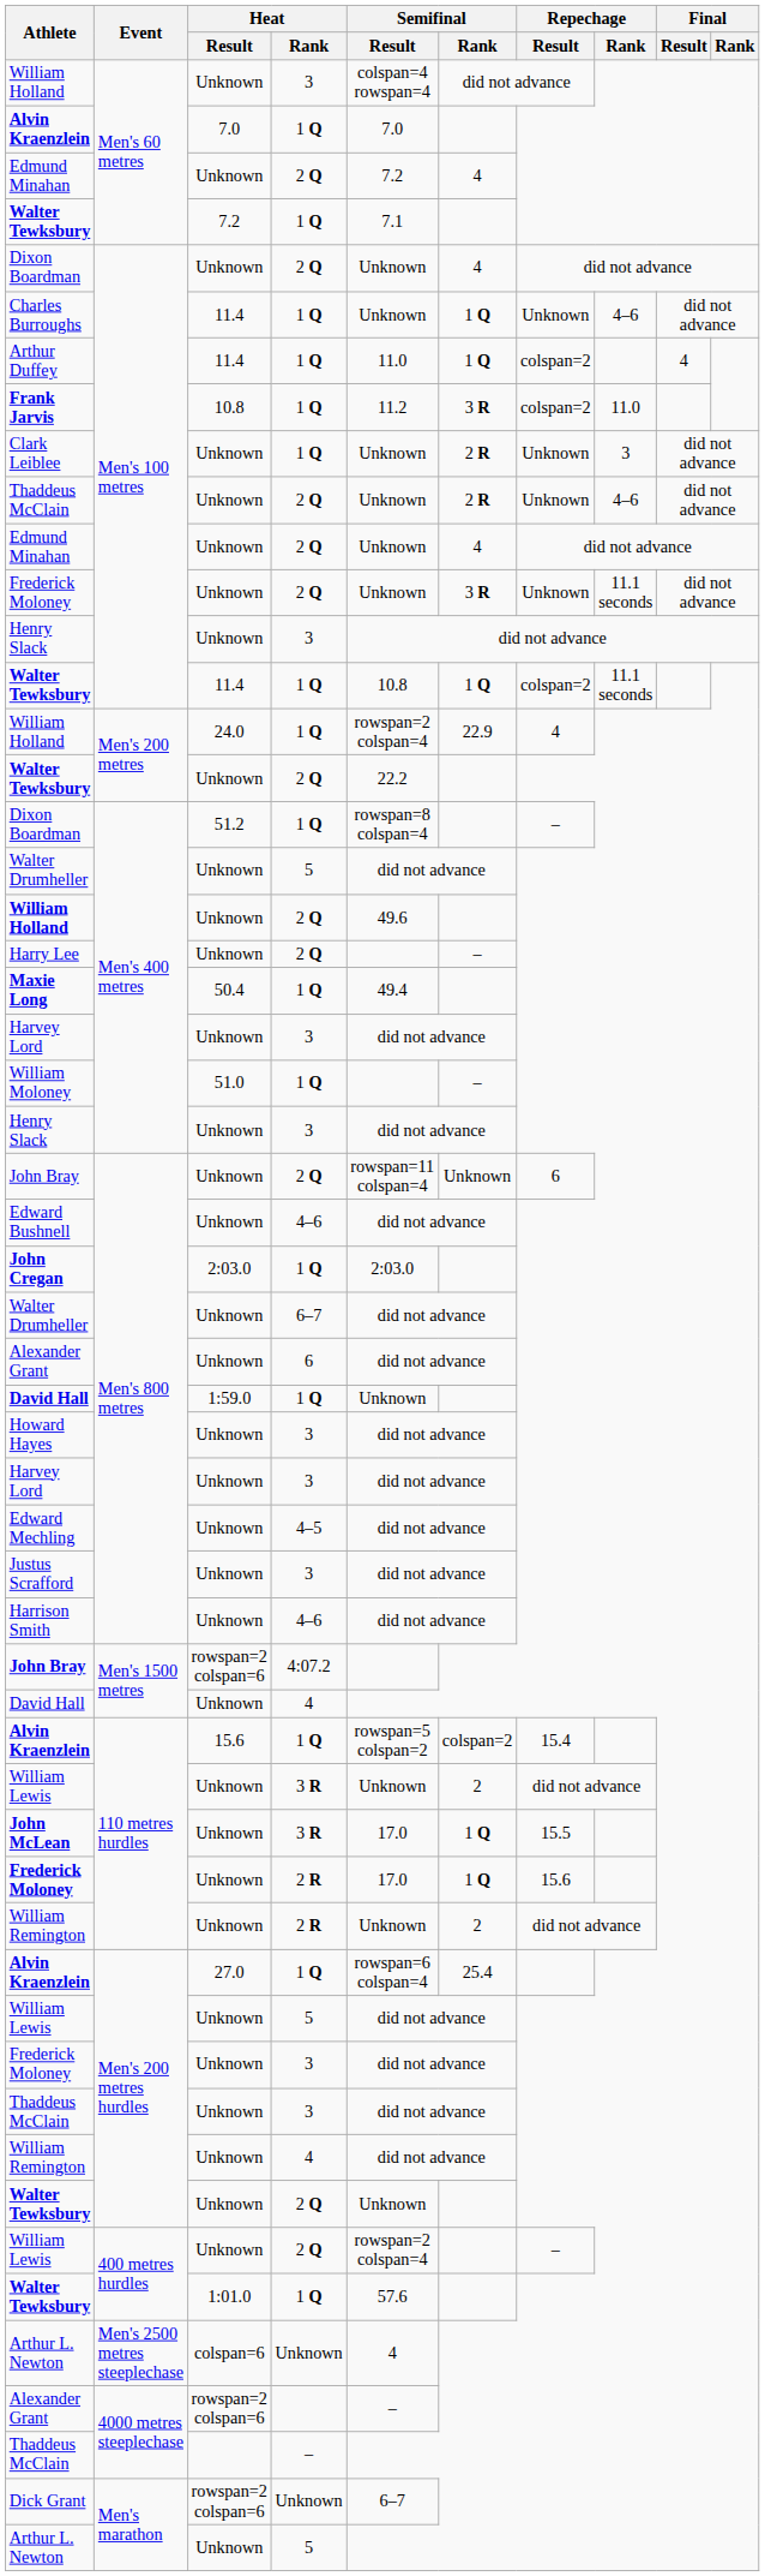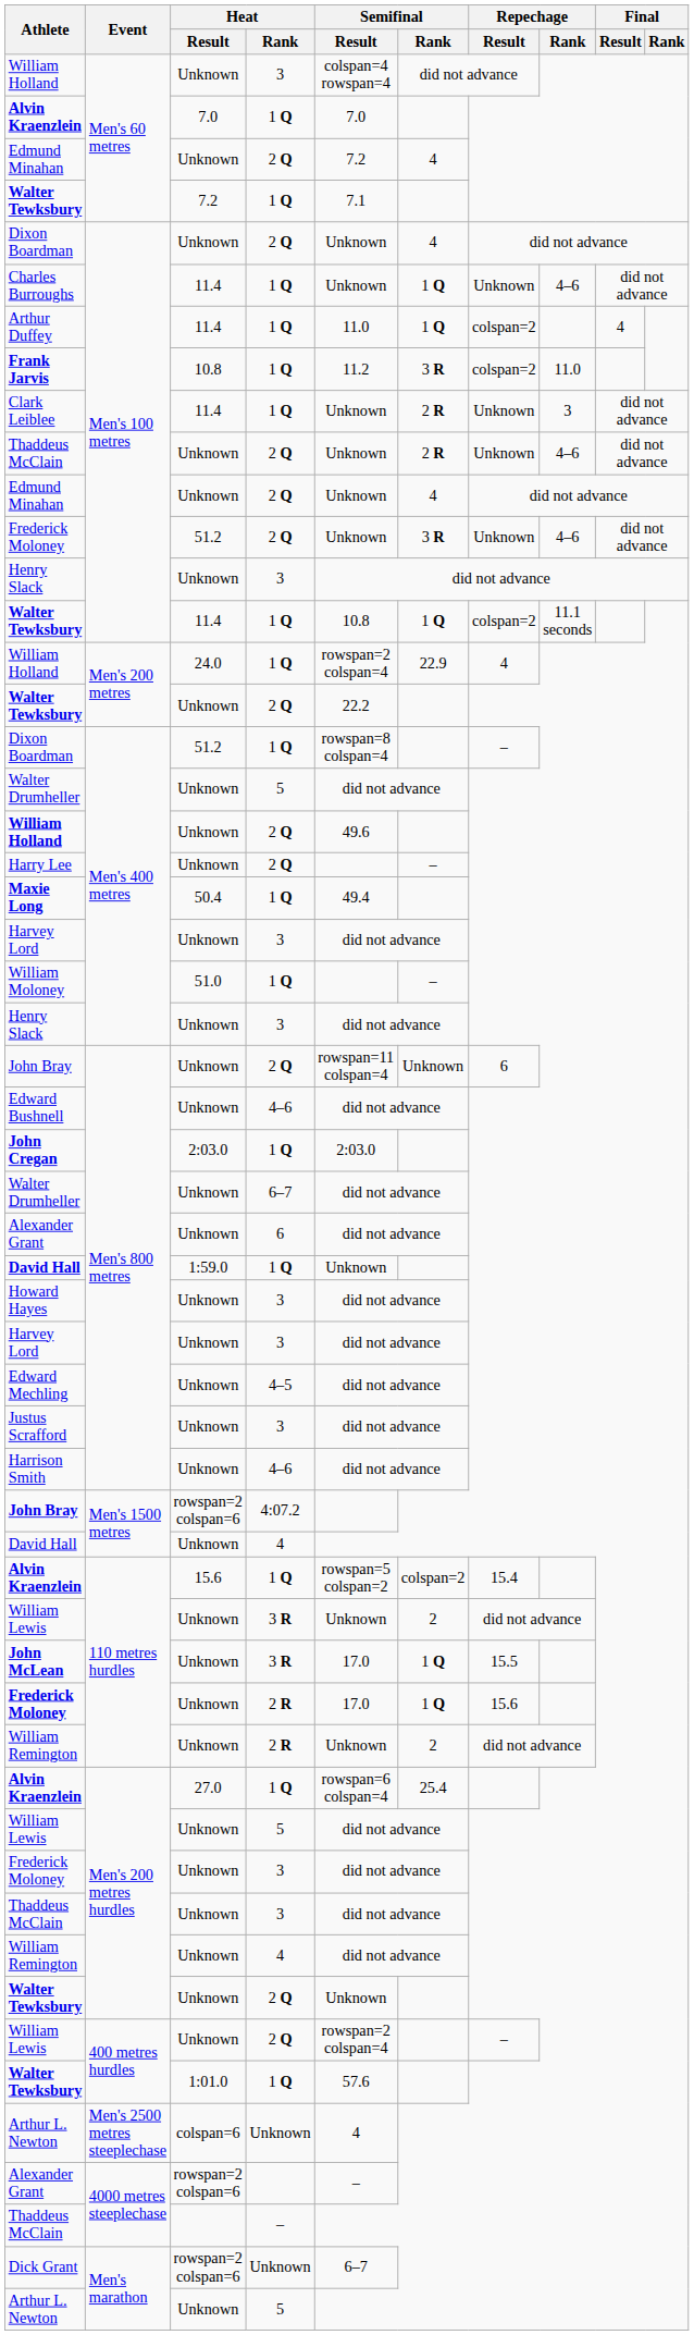 <table class="wikitable sortable">
 <tr>
 <th rowspan=2>Athlete</th>
 <th rowspan=2>Event</th>
 <th colspan=2>Heat</th>
 <th colspan=2>Semifinal</th>
 <th colspan=2>Repechage</th>
 <th colspan=2>Final</th>
 </tr>
 <tr>
 <th>Result</th>
 <th>Rank</th>
 <th>Result</th>
 <th>Rank</th>
 <th>Result</th>
 <th>Rank</th>
 <th>Result</th>
 <th>Rank</th>
 </tr>
 <tr align=center>
 <td align=left><a href='#'>William Holland</a></td>
 <td rowspan=4 align=left><a href='#'>Men's 60 metres</a></td>
 <td>Unknown</td>
 <td>3</td>
 <td>colspan=4 rowspan=4 </td>
 <td colspan=2>did not advance</td>
 </tr>
 <tr align=center>
 <td align=left><strong><a href='#'>Alvin Kraenzlein</a></strong></td>
 <td>7.0</td>
 <td>1 <strong>Q</strong></td>
 <td>7.0</td>
 <td></td>
 </tr>
 <tr align=center>
 <td align=left><a href='#'>Edmund Minahan</a></td>
 <td>Unknown</td>
 <td>2 <strong>Q</strong></td>
 <td>7.2</td>
 <td>4</td>
 </tr>
 <tr align=center>
 <td align=left><strong><a href='#'>Walter Tewksbury</a></strong></td>
 <td>7.2</td>
 <td>1 <strong>Q</strong></td>
 <td>7.1</td>
 <td></td>
 </tr>
 <tr align=center>
 <td align=left><a href='#'>Dixon Boardman</a></td>
 <td rowspan=10 align=left><a href='#'>Men's 100 metres</a></td>
 <td>Unknown</td>
 <td>2 <strong>Q</strong></td>
 <td>Unknown</td>
 <td>4</td>
 <td colspan=4>did not advance</td>
 </tr>
 <tr align=center>
 <td align=left><a href='#'>Charles Burroughs</a></td>
 <td>11.4</td>
 <td>1 <strong>Q</strong></td>
 <td>Unknown</td>
 <td>1 <strong>Q</strong></td>
 <td>Unknown</td>
 <td>4–6</td>
 <td colspan=2>did not advance</td>
 </tr>
 <tr align=center>
 <td align=left><a href='#'>Arthur Duffey</a></td>
 <td>11.4</td>
 <td>1 <strong>Q</strong></td>
 <td>11.0</td>
 <td>1 <strong>Q</strong></td>
 <td>colspan=2 </td>
 <td></td>
 <td>4</td>
 </tr>
 <tr align=center>
 <td align=left><strong><a href='#'>Frank Jarvis</a></strong></td>
 <td>10.8</td>
 <td>1 <strong>Q</strong></td>
 <td>11.2</td>
 <td>3 <strong>R</strong></td>
 <td>colspan=2 </td>
 <td>11.0</td>
 <td></td>
 </tr>
 <tr align=center>
 <td align=left><a href='#'>Clark Leiblee</a></td>
-<td>Unknown</td>
+<td>11.4</td>
 <td>1 <strong>Q</strong></td>
 <td>Unknown</td>
 <td>2 <strong>R</strong></td>
 <td>Unknown</td>
 <td>3</td>
 <td colspan=2>did not advance</td>
 </tr>
 <tr align=center>
 <td align=left><a href='#'>Thaddeus McClain</a></td>
 <td>Unknown</td>
 <td>2 <strong>Q</strong></td>
 <td>Unknown</td>
 <td>2 <strong>R</strong></td>
 <td>Unknown</td>
 <td>4–6</td>
 <td colspan=2>did not advance</td>
 </tr>
 <tr align=center>
 <td align=left><a href='#'>Edmund Minahan</a></td>
 <td>Unknown</td>
 <td>2 <strong>Q</strong></td>
 <td>Unknown</td>
 <td>4</td>
 <td colspan=4>did not advance</td>
 </tr>
 <tr align=center>
 <td align=left><a href='#'>Frederick Moloney</a></td>
-<td>Unknown</td>
+<td>51.2</td>
 <td>2 <strong>Q</strong></td>
 <td>Unknown</td>
 <td>3 <strong>R</strong></td>
 <td>Unknown</td>
-<td>11.1 seconds</td>
+<td>4–6</td>
 <td colspan=2>did not advance</td>
 </tr>
 <tr align=center>
 <td align=left><a href='#'>Henry Slack</a></td>
 <td>Unknown</td>
 <td>3</td>
 <td colspan=6>did not advance</td>
 </tr>
 <tr align=center>
 <td align=left><strong><a href='#'>Walter Tewksbury</a></strong></td>
 <td>11.4</td>
 <td>1 <strong>Q</strong></td>
 <td>10.8</td>
 <td>1 <strong>Q</strong></td>
 <td>colspan=2 </td>
 <td>11.1 seconds</td>
 <td></td>
 </tr>
 <tr align=center>
 <td align=left><a href='#'>William Holland</a></td>
 <td rowspan=2 align=left><a href='#'>Men's 200 metres</a></td>
 <td>24.0</td>
 <td>1 <strong>Q</strong></td>
 <td>rowspan=2 colspan=4 </td>
 <td>22.9</td>
 <td>4</td>
 </tr>
 <tr align=center>
 <td align=left><strong><a href='#'>Walter Tewksbury</a></strong></td>
 <td>Unknown</td>
 <td>2 <strong>Q</strong></td>
 <td>22.2</td>
 <td></td>
 </tr>
 <tr align=center>
 <td align=left><a href='#'>Dixon Boardman</a></td>
 <td rowspan=8 align=left><a href='#'>Men's 400 metres</a></td>
 <td>51.2</td>
 <td>1 <strong>Q</strong></td>
 <td>rowspan=8 colspan=4 </td>
 <td></td>
 <td>–</td>
 </tr>
 <tr align=center>
 <td align=left><a href='#'>Walter Drumheller</a></td>
 <td>Unknown</td>
 <td>5</td>
 <td colspan=2>did not advance</td>
 </tr>
 <tr align=center>
 <td align=left><strong><a href='#'>William Holland</a></strong></td>
 <td>Unknown</td>
 <td>2 <strong>Q</strong></td>
 <td>49.6</td>
 <td></td>
 </tr>
 <tr align=center>
 <td align=left><a href='#'>Harry Lee</a></td>
 <td>Unknown</td>
 <td>2 <strong>Q</strong></td>
 <td></td>
 <td>–</td>
 </tr>
 <tr align=center>
 <td align=left><strong><a href='#'>Maxie Long</a></strong></td>
 <td>50.4</td>
 <td>1 <strong>Q</strong></td>
 <td>49.4</td>
 <td></td>
 </tr>
 <tr align=center>
 <td align=left><a href='#'>Harvey Lord</a></td>
 <td>Unknown</td>
 <td>3</td>
 <td colspan=2>did not advance</td>
 </tr>
 <tr align=center>
 <td align=left><a href='#'>William Moloney</a></td>
 <td>51.0</td>
 <td>1 <strong>Q</strong></td>
 <td></td>
 <td>–</td>
 </tr>
 <tr align=center>
 <td align=left><a href='#'>Henry Slack</a></td>
 <td>Unknown</td>
 <td>3</td>
 <td colspan=2>did not advance</td>
 </tr>
 <tr align=center>
 <td align=left><a href='#'>John Bray</a></td>
 <td rowspan=11 align=left><a href='#'>Men's 800 metres</a></td>
 <td>Unknown</td>
 <td>2 <strong>Q</strong></td>
 <td>rowspan=11 colspan=4 </td>
 <td>Unknown</td>
 <td>6</td>
 </tr>
 <tr align=center>
 <td align=left><a href='#'>Edward Bushnell</a></td>
 <td>Unknown</td>
 <td>4–6</td>
 <td colspan=2>did not advance</td>
 </tr>
 <tr align=center>
 <td align=left><strong><a href='#'>John Cregan</a></strong></td>
 <td>2:03.0</td>
 <td>1 <strong>Q</strong></td>
 <td>2:03.0</td>
 <td></td>
 </tr>
 <tr align=center>
 <td align=left><a href='#'>Walter Drumheller</a></td>
 <td>Unknown</td>
 <td>6–7</td>
 <td colspan=2>did not advance</td>
 </tr>
 <tr align=center>
 <td align=left><a href='#'>Alexander Grant</a></td>
 <td>Unknown</td>
 <td>6</td>
 <td colspan=2>did not advance</td>
 </tr>
 <tr align=center>
 <td align=left><strong><a href='#'>David Hall</a></strong></td>
 <td>1:59.0</td>
 <td>1 <strong>Q</strong></td>
 <td>Unknown</td>
 <td></td>
 </tr>
 <tr align=center>
 <td align=left><a href='#'>Howard Hayes</a></td>
 <td>Unknown</td>
 <td>3</td>
 <td colspan=2>did not advance</td>
 </tr>
 <tr align=center>
 <td align=left><a href='#'>Harvey Lord</a></td>
 <td>Unknown</td>
 <td>3</td>
 <td colspan=2>did not advance</td>
 </tr>
 <tr align=center>
 <td align=left><a href='#'>Edward Mechling</a></td>
 <td>Unknown</td>
 <td>4–5</td>
 <td colspan=2>did not advance</td>
 </tr>
 <tr align=center>
 <td align=left><a href='#'>Justus Scrafford</a></td>
 <td>Unknown</td>
 <td>3</td>
 <td colspan=2>did not advance</td>
 </tr>
 <tr align=center>
 <td align=left><a href='#'>Harrison Smith</a></td>
 <td>Unknown</td>
 <td>4–6</td>
 <td colspan=2>did not advance</td>
 </tr>
 <tr align=center>
 <td align=left><strong><a href='#'>John Bray</a></strong></td>
 <td rowspan=2 align=left><a href='#'>Men's 1500 metres</a></td>
 <td>rowspan=2 colspan=6 </td>
 <td>4:07.2</td>
 <td></td>
 </tr>
 <tr align=center>
 <td align=left><a href='#'>David Hall</a></td>
 <td>Unknown</td>
 <td>4</td>
 </tr>
 <tr align=center>
 <td align=left><strong><a href='#'>Alvin Kraenzlein</a></strong></td>
 <td rowspan=5 align=left><a href='#'>110 metres hurdles</a></td>
 <td>15.6</td>
 <td>1 <strong>Q</strong></td>
 <td>rowspan=5 colspan=2 </td>
 <td>colspan=2 </td>
 <td>15.4</td>
 <td></td>
 </tr>
 <tr align=center>
 <td align=left><a href='#'>William Lewis</a></td>
 <td>Unknown</td>
 <td>3 <strong>R</strong></td>
 <td>Unknown</td>
 <td>2</td>
 <td colspan=2>did not advance</td>
 </tr>
 <tr align=center>
 <td align=left><strong><a href='#'>John McLean</a></strong></td>
 <td>Unknown</td>
 <td>3 <strong>R</strong></td>
 <td>17.0</td>
 <td>1 <strong>Q</strong></td>
 <td>15.5</td>
 <td></td>
 </tr>
 <tr align=center>
 <td align=left><strong><a href='#'>Frederick Moloney</a></strong></td>
 <td>Unknown</td>
 <td>2 <strong>R</strong></td>
 <td>17.0</td>
 <td>1 <strong>Q</strong></td>
 <td>15.6</td>
 <td></td>
 </tr>
 <tr align=center>
 <td align=left><a href='#'>William Remington</a></td>
 <td>Unknown</td>
 <td>2 <strong>R</strong></td>
 <td>Unknown</td>
 <td>2</td>
 <td colspan=2>did not advance</td>
 </tr>
 <tr align=center>
 <td align=left><strong><a href='#'>Alvin Kraenzlein</a></strong></td>
 <td rowspan=6 align=left><a href='#'>Men's 200 metres hurdles</a></td>
 <td>27.0</td>
 <td>1 <strong>Q</strong></td>
 <td>rowspan=6 colspan=4 </td>
 <td>25.4</td>
 <td></td>
 </tr>
 <tr align=center>
 <td align=left><a href='#'>William Lewis</a></td>
 <td>Unknown</td>
 <td>5</td>
 <td colspan=2>did not advance</td>
 </tr>
 <tr align=center>
 <td align=left><a href='#'>Frederick Moloney</a></td>
 <td>Unknown</td>
 <td>3</td>
 <td colspan=2>did not advance</td>
 </tr>
 <tr align=center>
 <td align=left><a href='#'>Thaddeus McClain</a></td>
 <td>Unknown</td>
 <td>3</td>
 <td colspan=2>did not advance</td>
 </tr>
 <tr align=center>
 <td align=left><a href='#'>William Remington</a></td>
 <td>Unknown</td>
 <td>4</td>
 <td colspan=2>did not advance</td>
 </tr>
 <tr align=center>
 <td align=left><strong><a href='#'>Walter Tewksbury</a></strong></td>
 <td>Unknown</td>
 <td>2 <strong>Q</strong></td>
 <td>Unknown</td>
 <td></td>
 </tr>
 <tr align=center>
 <td align=left><a href='#'>William Lewis</a></td>
 <td rowspan=2 align=left><a href='#'>400 metres hurdles</a></td>
 <td>Unknown</td>
 <td>2 <strong>Q</strong></td>
 <td>rowspan=2 colspan=4 </td>
 <td></td>
 <td>–</td>
 </tr>
 <tr align=center>
 <td align=left><strong><a href='#'>Walter Tewksbury</a></strong></td>
 <td>1:01.0</td>
 <td>1 <strong>Q</strong></td>
 <td>57.6</td>
 <td></td>
 </tr>
 <tr align=center>
 <td align=left><a href='#'>Arthur L. Newton</a></td>
 <td align=left><a href='#'>Men's 2500 metres steeplechase</a></td>
 <td>colspan=6 </td>
 <td>Unknown</td>
 <td>4</td>
 </tr>
 <tr align=center>
 <td align=left><a href='#'>Alexander Grant</a></td>
 <td rowspan=2 align=left><a href='#'>4000 metres steeplechase</a></td>
 <td>rowspan=2 colspan=6 </td>
 <td></td>
 <td>–</td>
 </tr>
 <tr align=center>
 <td align=left><a href='#'>Thaddeus McClain</a></td>
 <td></td>
 <td>–</td>
 </tr>
 <tr align=center>
 <td align=left><a href='#'>Dick Grant</a></td>
 <td rowspan=2 align=left><a href='#'>Men's marathon</a></td>
 <td>rowspan=2 colspan=6 </td>
 <td>Unknown</td>
 <td>6–7</td>
 </tr>
 <tr align=center>
 <td align=left><a href='#'>Arthur L. Newton</a></td>
 <td>Unknown</td>
 <td>5</td>
 </tr>
 </table>
